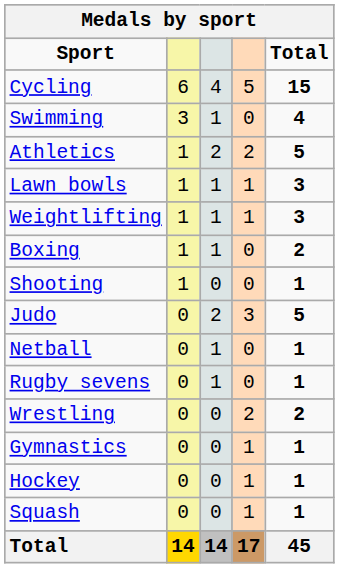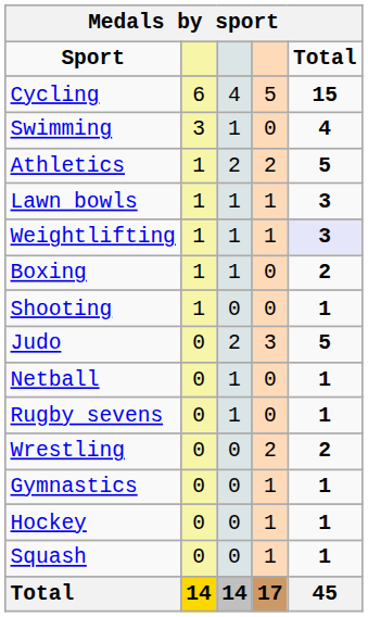 <table class="wikitable" style="text-align:center;font-size:90%">
 <tr style="background:#efefef;">
 <th colspan=7>Medals by sport</th>
 </tr>
 <tr>
 <td><strong>Sport</strong></td>
 <td bgcolor=#f7f6a8></td>
 <td bgcolor=#dce5e5></td>
 <td bgcolor=#ffdab9></td>
 <td><strong>Total</strong></td>
 </tr>
 <tr>
 <td style="text-align:left;"><a href='#'>Cycling</a></td>
 <td style="background:#F7F6A8;">6</td>
 <td style="background:#DCE5E5;">4</td>
 <td style="background:#FFDAB9;">5</td>
 <td><strong>15</strong></td>
 </tr>
 <tr>
 <td style="text-align:left;"><a href='#'>Swimming</a></td>
 <td style="background:#F7F6A8;">3</td>
 <td style="background:#DCE5E5;">1</td>
 <td style="background:#FFDAB9;">0</td>
 <td><strong>4</strong></td>
 </tr>
 <tr>
 <td style="text-align:left;"><a href='#'>Athletics</a></td>
 <td style="background:#F7F6A8;">1</td>
 <td style="background:#DCE5E5;">2</td>
 <td style="background:#FFDAB9;">2</td>
 <td><strong>5</strong></td>
 </tr>
 <tr>
 <td style="text-align:left;"><a href='#'>Lawn bowls</a></td>
 <td style="background:#F7F6A8;">1</td>
 <td style="background:#DCE5E5;">1</td>
 <td style="background:#FFDAB9;">1</td>
 <td><strong>3</strong></td>
 </tr>
 <tr>
 <td style="text-align:left;"><a href='#'>Weightlifting</a></td>
 <td style="background:#F7F6A8;">1</td>
 <td style="background:#DCE5E5;">1</td>
 <td style="background:#FFDAB9;">1</td>
-<td><strong>3</strong></td>
+<td style="background: lavender;"><strong>3</strong></td>
 </tr>
 <tr>
 <td style="text-align:left;"><a href='#'>Boxing</a></td>
 <td style="background:#F7F6A8;">1</td>
 <td style="background:#DCE5E5;">1</td>
 <td style="background:#FFDAB9;">0</td>
 <td><strong>2</strong></td>
 </tr>
 <tr>
 <td style="text-align:left;"><a href='#'>Shooting</a></td>
 <td style="background:#F7F6A8;">1</td>
 <td style="background:#DCE5E5;">0</td>
 <td style="background:#FFDAB9;">0</td>
 <td><strong>1</strong></td>
 </tr>
 <tr>
 <td style="text-align:left;"><a href='#'>Judo</a></td>
 <td style="background:#F7F6A8;">0</td>
 <td style="background:#DCE5E5;">2</td>
 <td style="background:#FFDAB9;">3</td>
 <td><strong>5</strong></td>
 </tr>
 <tr>
 <td style="text-align:left;"><a href='#'>Netball</a></td>
 <td style="background:#F7F6A8;">0</td>
 <td style="background:#DCE5E5;">1</td>
 <td style="background:#FFDAB9;">0</td>
 <td><strong>1</strong></td>
 </tr>
 <tr>
 <td style="text-align:left;"><a href='#'>Rugby sevens</a></td>
 <td style="background:#F7F6A8;">0</td>
 <td style="background:#DCE5E5;">1</td>
 <td style="background:#FFDAB9;">0</td>
 <td><strong>1</strong></td>
 </tr>
 <tr>
 <td style="text-align:left;"><a href='#'>Wrestling</a></td>
 <td style="background:#F7F6A8;">0</td>
 <td style="background:#DCE5E5;">0</td>
 <td style="background:#FFDAB9;">2</td>
 <td><strong>2</strong></td>
 </tr>
 <tr>
 <td style="text-align:left;"><a href='#'>Gymnastics</a></td>
 <td style="background:#F7F6A8;">0</td>
 <td style="background:#DCE5E5;">0</td>
 <td style="background:#FFDAB9;">1</td>
 <td><strong>1</strong></td>
 </tr>
 <tr>
 <td style="text-align:left;"><a href='#'>Hockey</a></td>
 <td style="background:#F7F6A8;">0</td>
 <td style="background:#DCE5E5;">0</td>
 <td style="background:#FFDAB9;">1</td>
 <td><strong>1</strong></td>
 </tr>
 <tr>
 <td style="text-align:left;"><a href='#'>Squash</a></td>
 <td style="background:#F7F6A8;">0</td>
 <td style="background:#DCE5E5;">0</td>
 <td style="background:#FFDAB9;">1</td>
 <td><strong>1</strong></td>
 </tr>
 <tr>
 <th style="text-align:left;">Total</th>
 <th style="background:gold;">14</th>
 <th style="background:silver;">14</th>
 <th style="background:#c96;">17</th>
 <th>45</th>
 </tr>
 </table>
